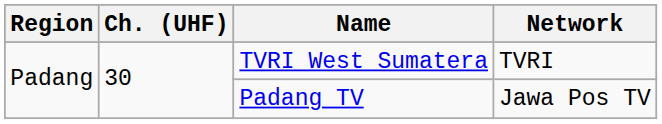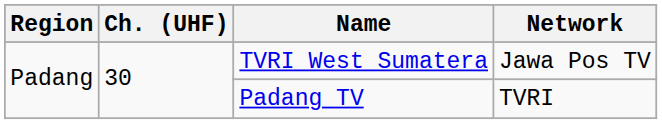 <table class="wikitable">
 <tr>
 <th>Region</th>
 <th>Ch. (UHF)</th>
 <th>Name</th>
 <th>Network</th>
 </tr>
 <tr>
 <td rowspan="2">Padang</td>
 <td rowspan="2">30</td>
 <td><a href='#'>TVRI West Sumatera</a></td>
-<td>TVRI</td>
+<td>Jawa Pos TV</td>
 </tr>
 <tr>
 <td><a href='#'>Padang TV</a></td>
-<td>Jawa Pos TV</td>
+<td>TVRI</td>
 </tr>
 </table>
